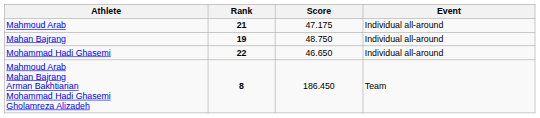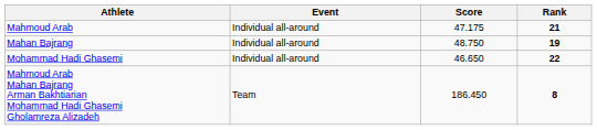 <table class="wikitable" width="55%" style="text-align:left; font-size:90%">
 <tr>
 <th width="13%">Athlete</th>
+<th width="11%">Event</th>
+<th width="5%">Score</th>
 <th width="4%">Rank</th>
-<th width="5%">Score</th>
-<th width="11%">Event</th>
 </tr>
 <tr>
 <td><a href='#'>Mahmoud Arab</a></td>
+<td>Individual all-around</td>
+<td align=center>47.175</td>
 <td align=center><strong>21</strong></td>
-<td align=center>47.175</td>
-<td>Individual all-around</td>
 </tr>
 <tr>
 <td><a href='#'>Mahan Bajrang</a></td>
+<td>Individual all-around</td>
+<td align=center>48.750</td>
 <td align=center><strong>19</strong></td>
-<td align=center>48.750</td>
-<td>Individual all-around</td>
 </tr>
 <tr>
 <td><a href='#'>Mohammad Hadi Ghasemi</a></td>
+<td>Individual all-around</td>
+<td align=center>46.650</td>
 <td align=center><strong>22</strong></td>
-<td align=center>46.650</td>
-<td>Individual all-around</td>
 </tr>
 <tr>
 <td><a href='#'>Mahmoud Arab</a><br><a href='#'>Mahan Bajrang</a><br><a href='#'>Arman Bakhtiarian</a><br><a href='#'>Mohammad Hadi Ghasemi</a><br><a href='#'>Gholamreza Alizadeh</a></td>
+<td>Team</td>
+<td align=center>186.450</td>
 <td align=center><strong>8</strong></td>
-<td align=center>186.450</td>
-<td>Team</td>
 </tr>
 </table>
